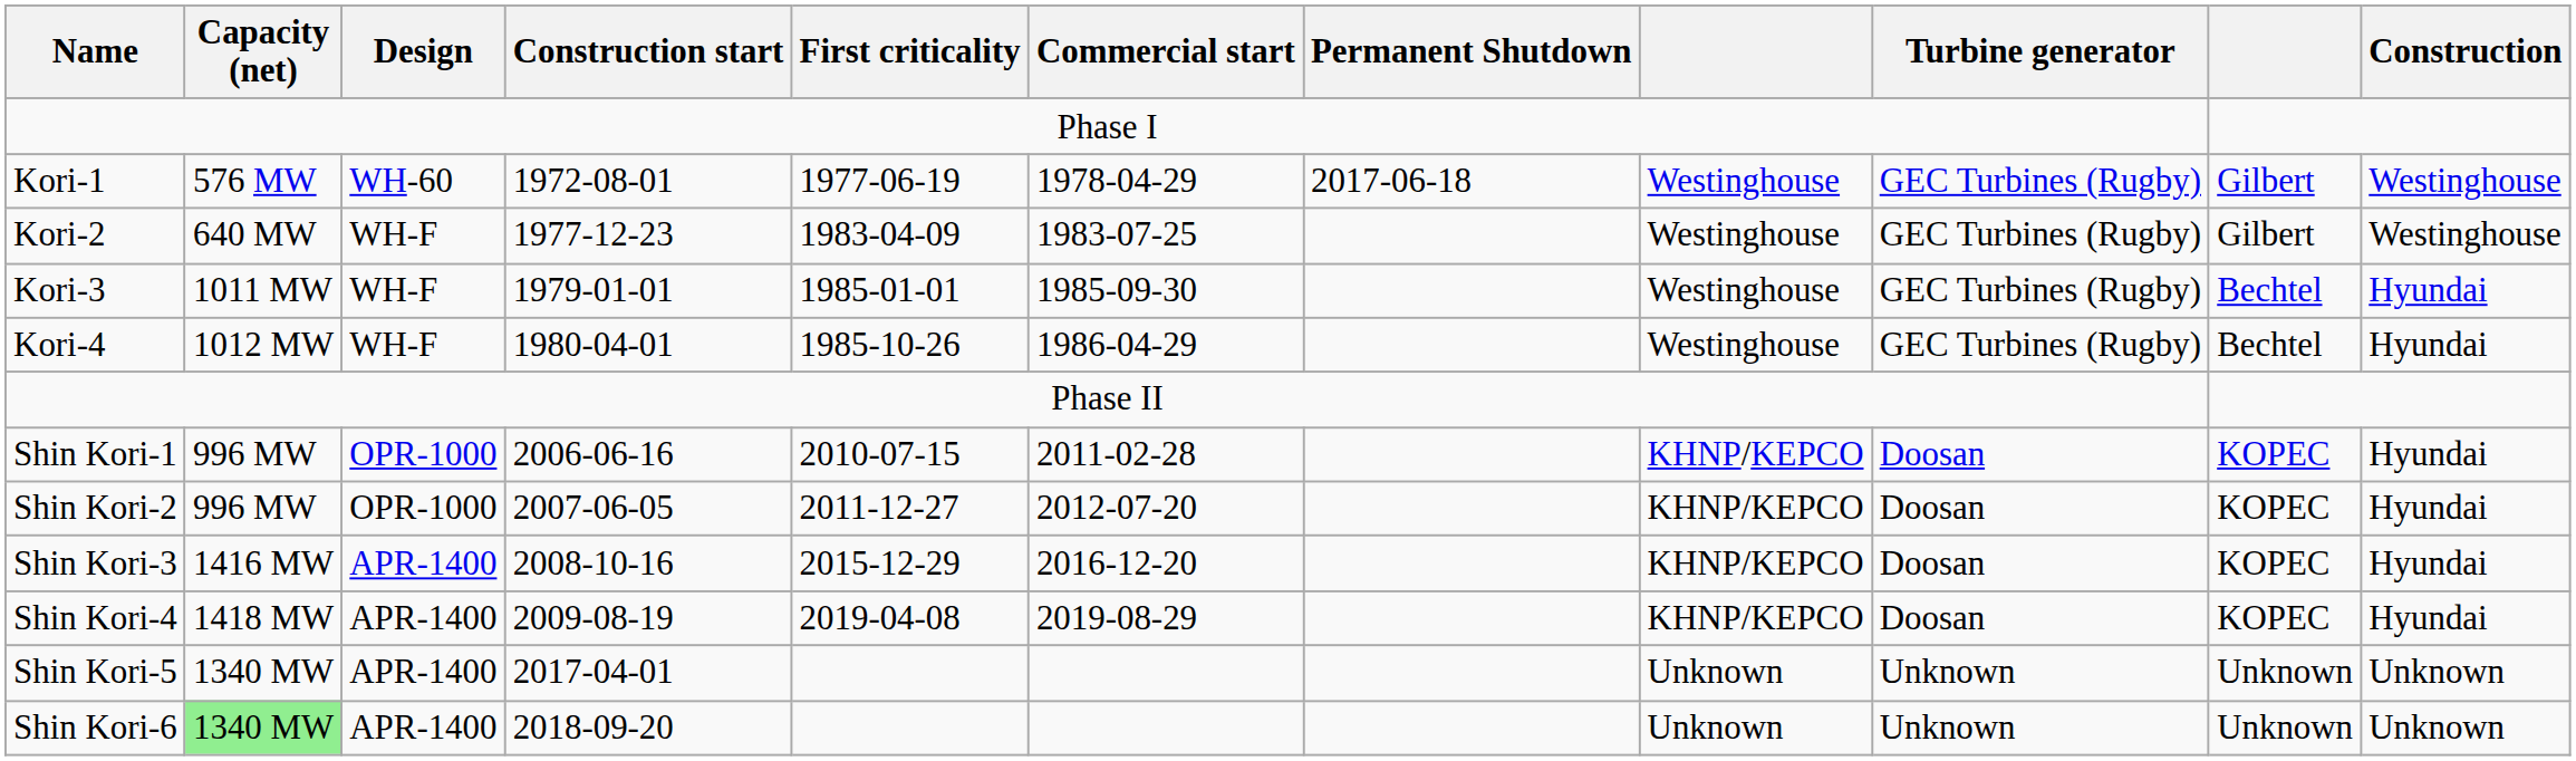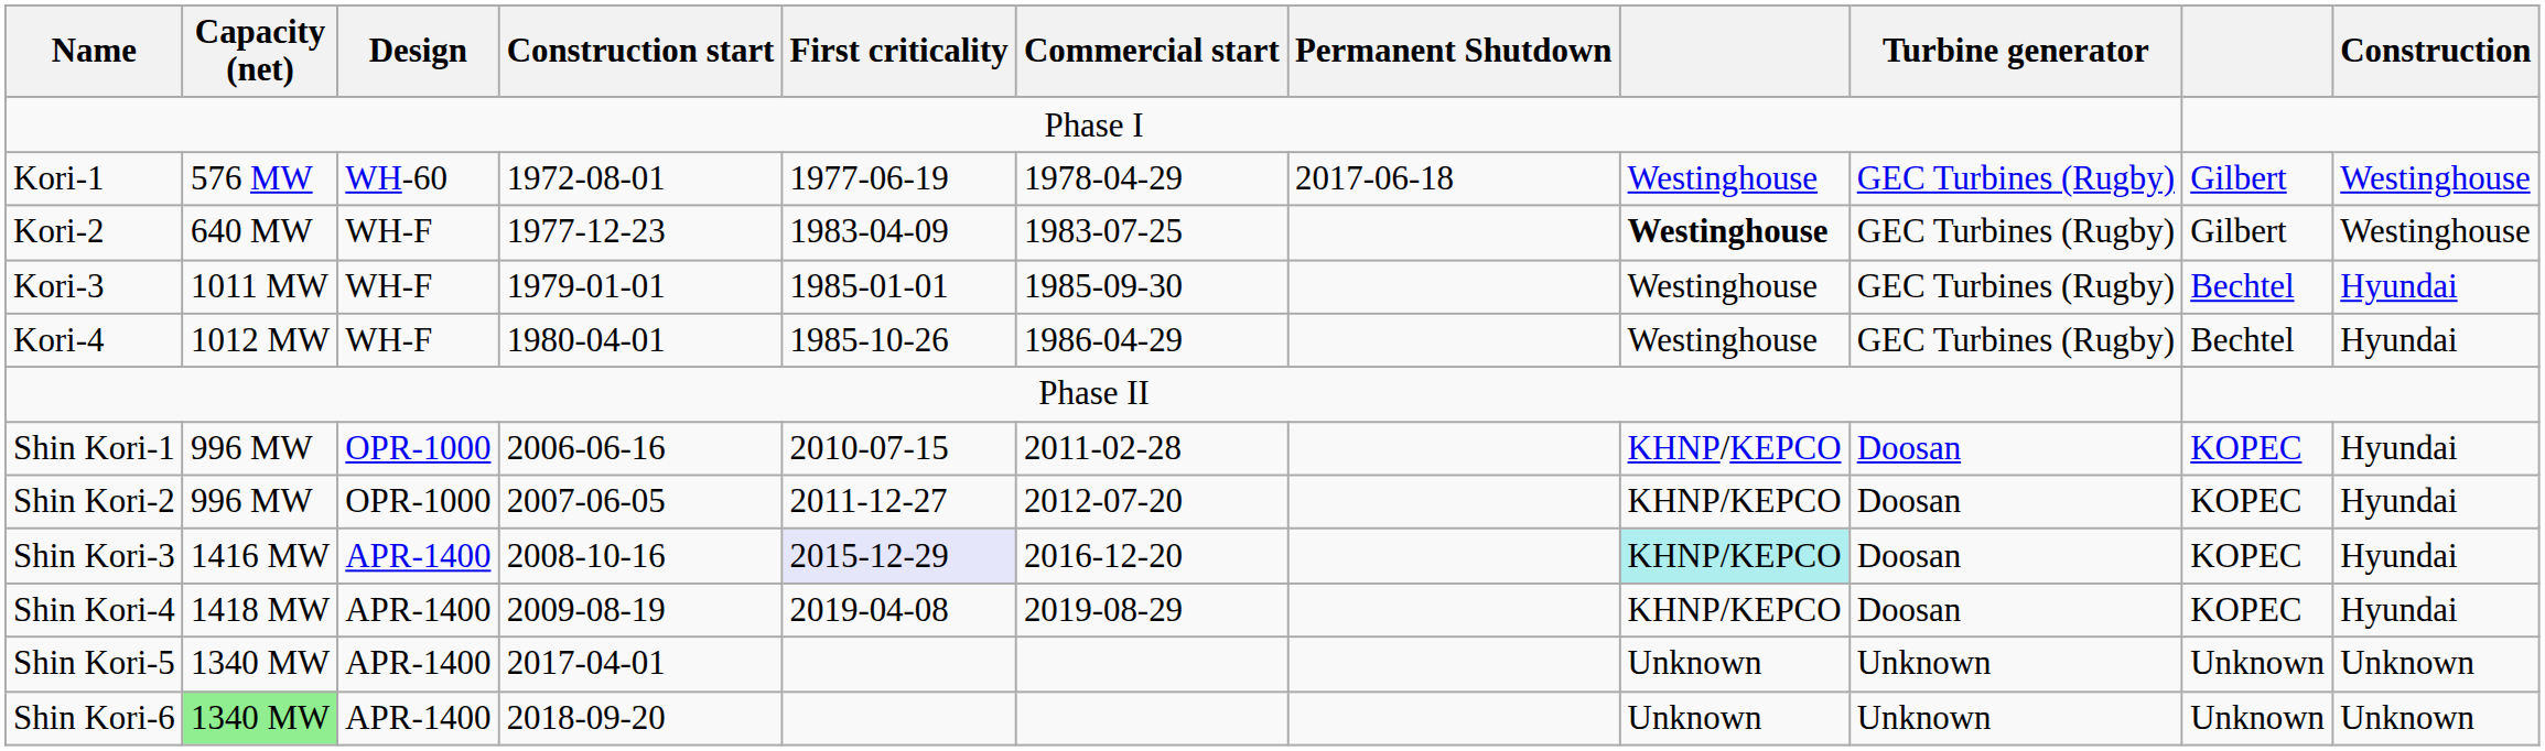 <table class="wikitable">
 <tr>
 <th>Name</th>
 <th>Capacity<br>(net)</th>
 <th>Design</th>
 <th>Construction start</th>
 <th>First criticality</th>
 <th>Commercial start</th>
 <th>Permanent Shutdown</th>
 <th></th>
 <th>Turbine generator</th>
 <th></th>
 <th>Construction</th>
 </tr>
 <tr>
 <td colspan="9" align="center">Phase I</td>
 </tr>
 <tr>
 <td>Kori-1</td>
 <td>576 <a href='#'>MW</a></td>
 <td><a href='#'>WH</a>-60</td>
 <td>1972-08-01</td>
 <td>1977-06-19</td>
 <td>1978-04-29</td>
 <td>2017-06-18</td>
 <td><a href='#'>Westinghouse</a></td>
 <td><a href='#'>GEC Turbines (Rugby)</a></td>
 <td><a href='#'>Gilbert</a></td>
 <td><a href='#'>Westinghouse</a></td>
 </tr>
 <tr>
 <td>Kori-2</td>
 <td>640 MW</td>
 <td>WH-F</td>
 <td>1977-12-23</td>
 <td>1983-04-09</td>
 <td>1983-07-25</td>
 <td></td>
-<td>Westinghouse</td>
+<td><strong>Westinghouse</strong></td>
 <td>GEC Turbines (Rugby)</td>
 <td>Gilbert</td>
 <td>Westinghouse</td>
 </tr>
 <tr>
 <td>Kori-3</td>
 <td>1011 MW</td>
 <td>WH-F</td>
 <td>1979-01-01</td>
 <td>1985-01-01</td>
 <td>1985-09-30</td>
 <td></td>
 <td>Westinghouse</td>
 <td>GEC Turbines (Rugby)</td>
 <td><a href='#'>Bechtel</a></td>
 <td><a href='#'>Hyundai</a></td>
 </tr>
 <tr>
 <td>Kori-4</td>
 <td>1012 MW</td>
 <td>WH-F</td>
 <td>1980-04-01</td>
 <td>1985-10-26</td>
 <td>1986-04-29</td>
 <td></td>
 <td>Westinghouse</td>
 <td>GEC Turbines (Rugby)</td>
 <td>Bechtel</td>
 <td>Hyundai</td>
 </tr>
 <tr>
 <td colspan="9" align="center">Phase II</td>
 </tr>
 <tr>
 <td>Shin Kori-1</td>
 <td>996 MW</td>
 <td><a href='#'>OPR-1000</a></td>
 <td>2006-06-16</td>
 <td>2010-07-15</td>
 <td>2011-02-28</td>
 <td></td>
 <td><a href='#'>KHNP</a>/<a href='#'>KEPCO</a></td>
 <td><a href='#'>Doosan</a></td>
 <td><a href='#'>KOPEC</a></td>
 <td>Hyundai</td>
 </tr>
 <tr>
 <td>Shin Kori-2</td>
 <td>996 MW</td>
 <td>OPR-1000</td>
 <td>2007-06-05</td>
 <td>2011-12-27</td>
 <td>2012-07-20</td>
 <td></td>
 <td>KHNP/KEPCO</td>
 <td>Doosan</td>
 <td>KOPEC</td>
 <td>Hyundai</td>
 </tr>
 <tr>
 <td>Shin Kori-3</td>
 <td>1416 MW</td>
 <td><a href='#'>APR-1400</a></td>
 <td>2008-10-16</td>
-<td>2015-12-29</td>
+<td style="background: lavender;">2015-12-29</td>
 <td>2016-12-20</td>
 <td></td>
-<td>KHNP/KEPCO</td>
+<td style="background: paleturquoise;">KHNP/KEPCO</td>
 <td>Doosan</td>
 <td>KOPEC</td>
 <td>Hyundai</td>
 </tr>
 <tr>
 <td>Shin Kori-4</td>
 <td>1418 MW</td>
 <td>APR-1400</td>
 <td>2009-08-19</td>
 <td>2019-04-08</td>
 <td>2019-08-29</td>
 <td></td>
 <td>KHNP/KEPCO</td>
 <td>Doosan</td>
 <td>KOPEC</td>
 <td>Hyundai</td>
 </tr>
 <tr>
 <td>Shin Kori-5</td>
 <td>1340 MW</td>
 <td>APR-1400</td>
 <td>2017-04-01</td>
 <td></td>
 <td></td>
 <td></td>
 <td>Unknown</td>
 <td>Unknown</td>
 <td>Unknown</td>
 <td>Unknown</td>
 </tr>
 <tr>
 <td>Shin Kori-6</td>
 <td style="background: lightgreen;">1340 MW</td>
 <td>APR-1400</td>
 <td>2018-09-20</td>
 <td></td>
 <td></td>
 <td></td>
 <td>Unknown</td>
 <td>Unknown</td>
 <td>Unknown</td>
 <td>Unknown</td>
 </tr>
 </table>
